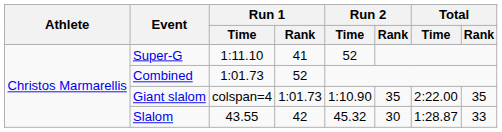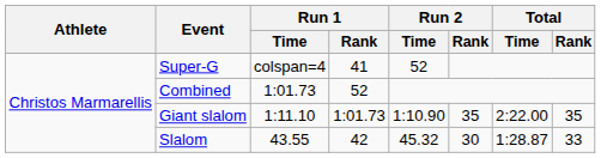 <table class="wikitable" style="font-size:90%">
 <tr>
 <th rowspan=2>Athlete</th>
 <th rowspan=2>Event</th>
 <th colspan=2>Run 1</th>
 <th colspan=2>Run 2</th>
 <th colspan=2>Total</th>
 </tr>
 <tr style="font-size:95%">
 <th>Time</th>
 <th>Rank</th>
 <th>Time</th>
 <th>Rank</th>
 <th>Time</th>
 <th>Rank</th>
 </tr>
 <tr align=center>
 <td align="left" rowspan="4"><a href='#'>Christos Marmarellis</a></td>
 <td align="left"><a href='#'>Super-G</a></td>
-<td>1:11.10</td>
+<td>colspan=4</td>
 <td>41</td>
 <td>52</td>
 </tr>
 <tr align=center>
 <td align="left"><a href='#'>Combined</a></td>
 <td>1:01.73</td>
 <td>52</td>
 <td colspan=4></td>
 </tr>
 <tr align=center>
 <td align="left"><a href='#'>Giant slalom</a></td>
-<td>colspan=4</td>
+<td>1:11.10</td>
 <td>1:01.73</td>
 <td>1:10.90</td>
 <td>35</td>
 <td>2:22.00</td>
 <td>35</td>
 </tr>
 <tr align=center>
 <td align="left"><a href='#'>Slalom</a></td>
 <td>43.55</td>
 <td>42</td>
 <td>45.32</td>
 <td>30</td>
 <td>1:28.87</td>
 <td>33</td>
 </tr>
 </table>
